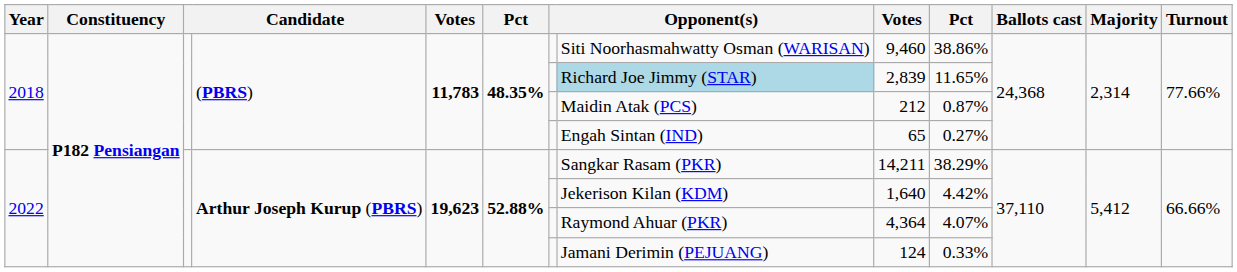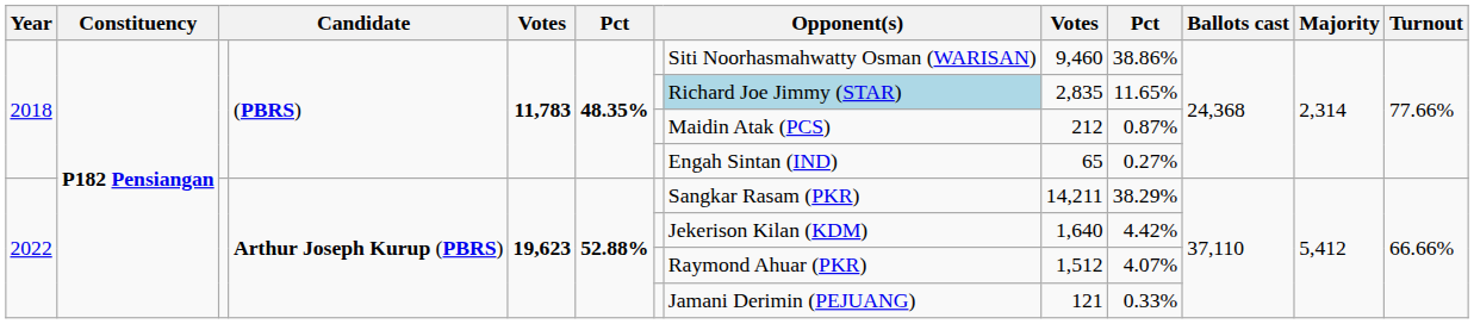 <table class="wikitable" style="margin:0.5em ; font-size:95%">
 <tr>
 <th>Year</th>
 <th>Constituency</th>
 <th colspan=2>Candidate</th>
 <th>Votes</th>
 <th>Pct</th>
 <th colspan=2>Opponent(s)</th>
 <th>Votes</th>
 <th>Pct</th>
 <th>Ballots cast</th>
 <th>Majority</th>
 <th>Turnout</th>
 </tr>
 <tr>
 <td rowspan="4"><a href='#'>2018</a></td>
 <td rowspan=8><strong>P182 <a href='#'>Pensiangan</a></strong></td>
 <td rowspan="4" ></td>
 <td rowspan="4"><strong></strong> (<a href='#'><strong>PBRS</strong></a>)</td>
 <td rowspan="4" align="right"><strong>11,783</strong></td>
 <td rowspan="4"><strong>48.35%</strong></td>
 <td></td>
 <td>Siti Noorhasmahwatty Osman (<a href='#'>WARISAN</a>)</td>
 <td align="right">9,460</td>
 <td align="right">38.86%</td>
 <td rowspan="4">24,368</td>
 <td rowspan="4">2,314</td>
 <td rowspan="4">77.66%</td>
 </tr>
 <tr>
 <td></td>
 <td style="background: lightblue;">Richard Joe Jimmy (<a href='#'>STAR</a>)</td>
-<td align="right">2,839</td>
+<td align="right">2,835</td>
 <td align="right">11.65%</td>
 </tr>
 <tr>
 <td></td>
 <td>Maidin Atak (<a href='#'>PCS</a>)</td>
 <td align="right">212</td>
 <td align="right">0.87%</td>
 </tr>
 <tr>
 <td></td>
 <td>Engah Sintan (<a href='#'>IND</a>)</td>
 <td align="right">65</td>
 <td align="right">0.27%</td>
 </tr>
 <tr>
 <td rowspan="4"><a href='#'>2022</a></td>
 <td rowspan="4" ></td>
 <td rowspan="4"><strong>Arthur Joseph Kurup</strong> (<a href='#'><strong>PBRS</strong></a>)</td>
 <td rowspan="4" align="right"><strong>19,623</strong></td>
 <td rowspan="4"><strong>52.88%</strong></td>
 <td></td>
 <td>Sangkar Rasam (<a href='#'>PKR</a>)</td>
 <td align="right">14,211</td>
 <td align="right">38.29%</td>
 <td rowspan="4">37,110</td>
 <td rowspan="4">5,412</td>
 <td rowspan="4">66.66%</td>
 </tr>
 <tr>
 <td></td>
 <td>Jekerison Kilan (<a href='#'>KDM</a>)</td>
 <td align="right">1,640</td>
 <td align="right">4.42%</td>
 </tr>
 <tr>
 <td></td>
 <td>Raymond Ahuar (<a href='#'>PKR</a>)</td>
-<td align="right">4,364</td>
+<td align="right">1,512</td>
 <td align="right">4.07%</td>
 </tr>
 <tr>
 <td></td>
 <td>Jamani Derimin (<a href='#'>PEJUANG</a>)</td>
-<td align="right">124</td>
+<td align="right">121</td>
 <td align="right">0.33%</td>
 </tr>
 </table>
